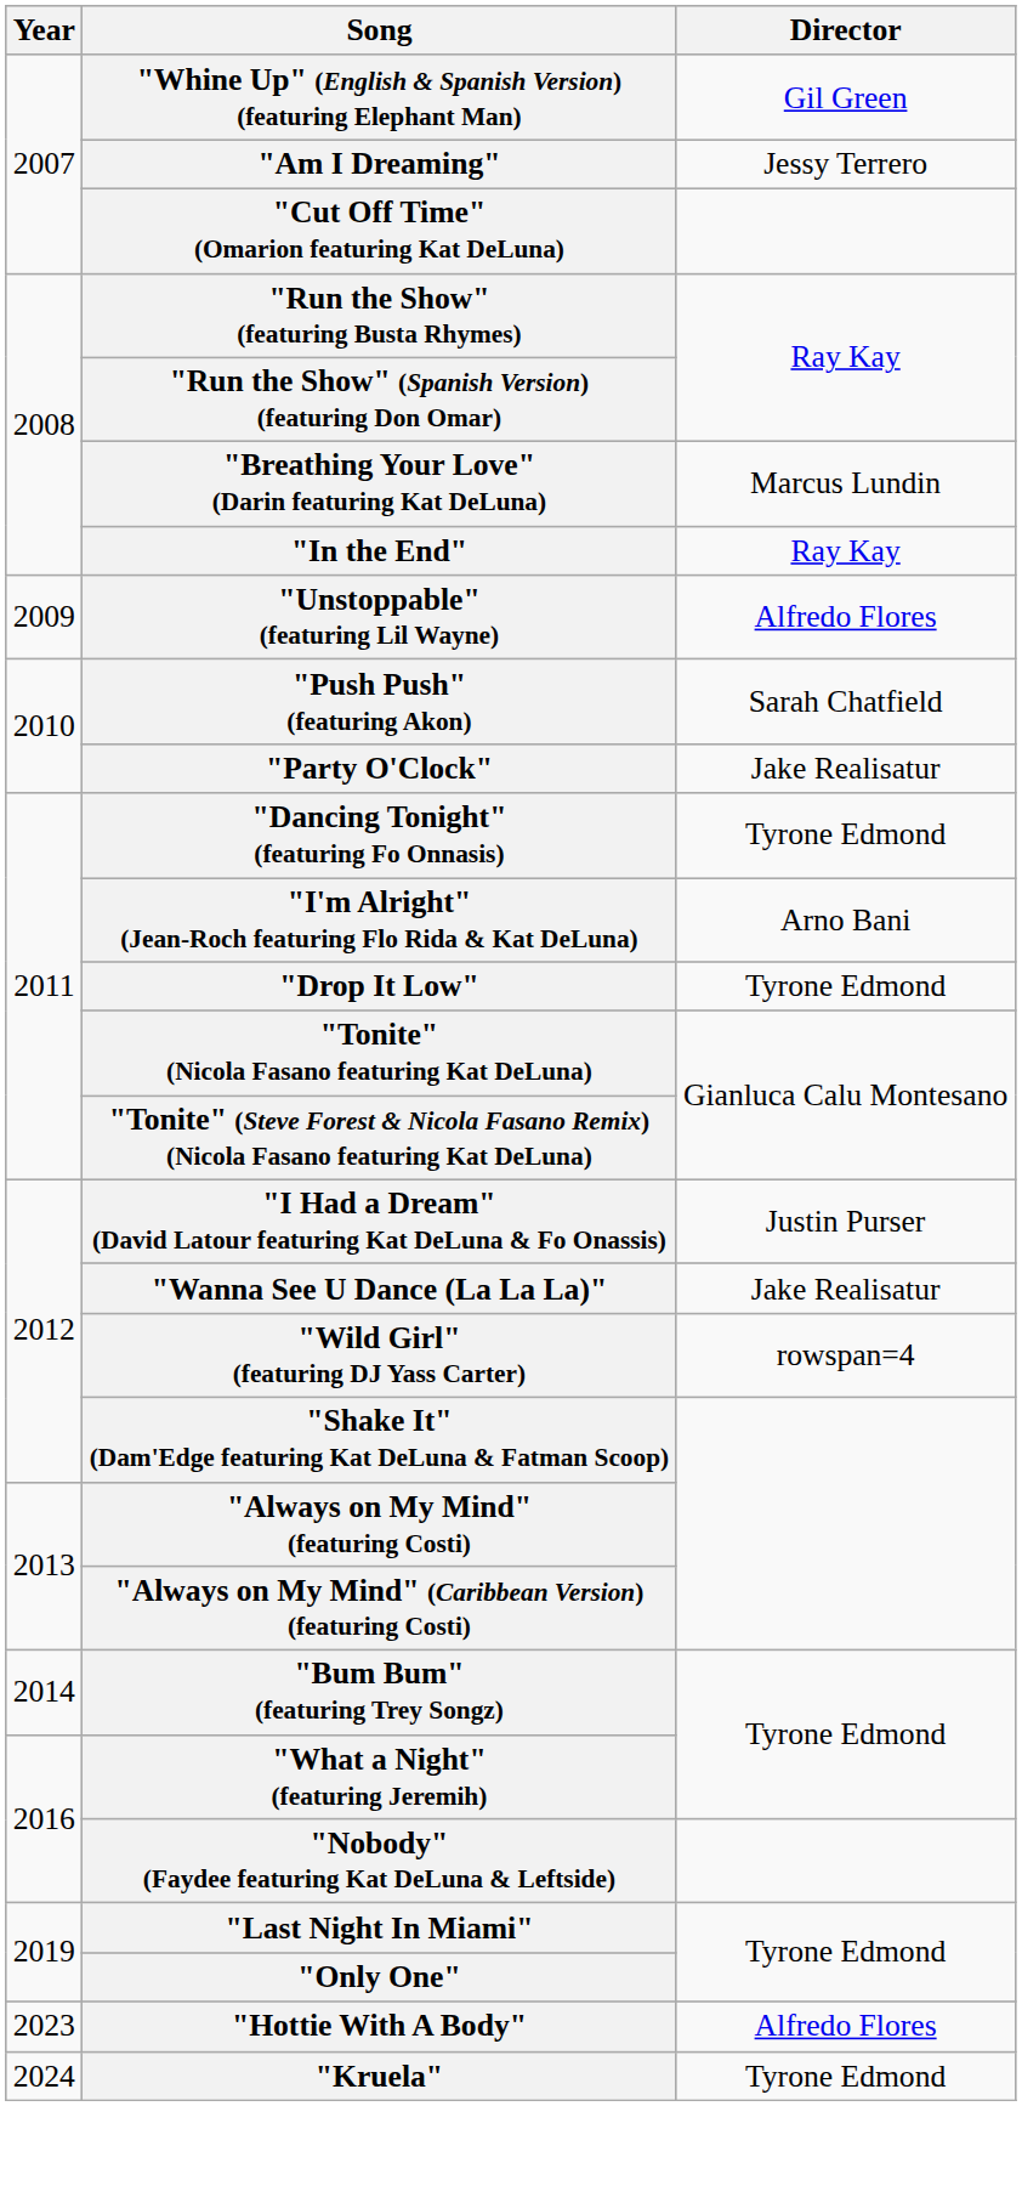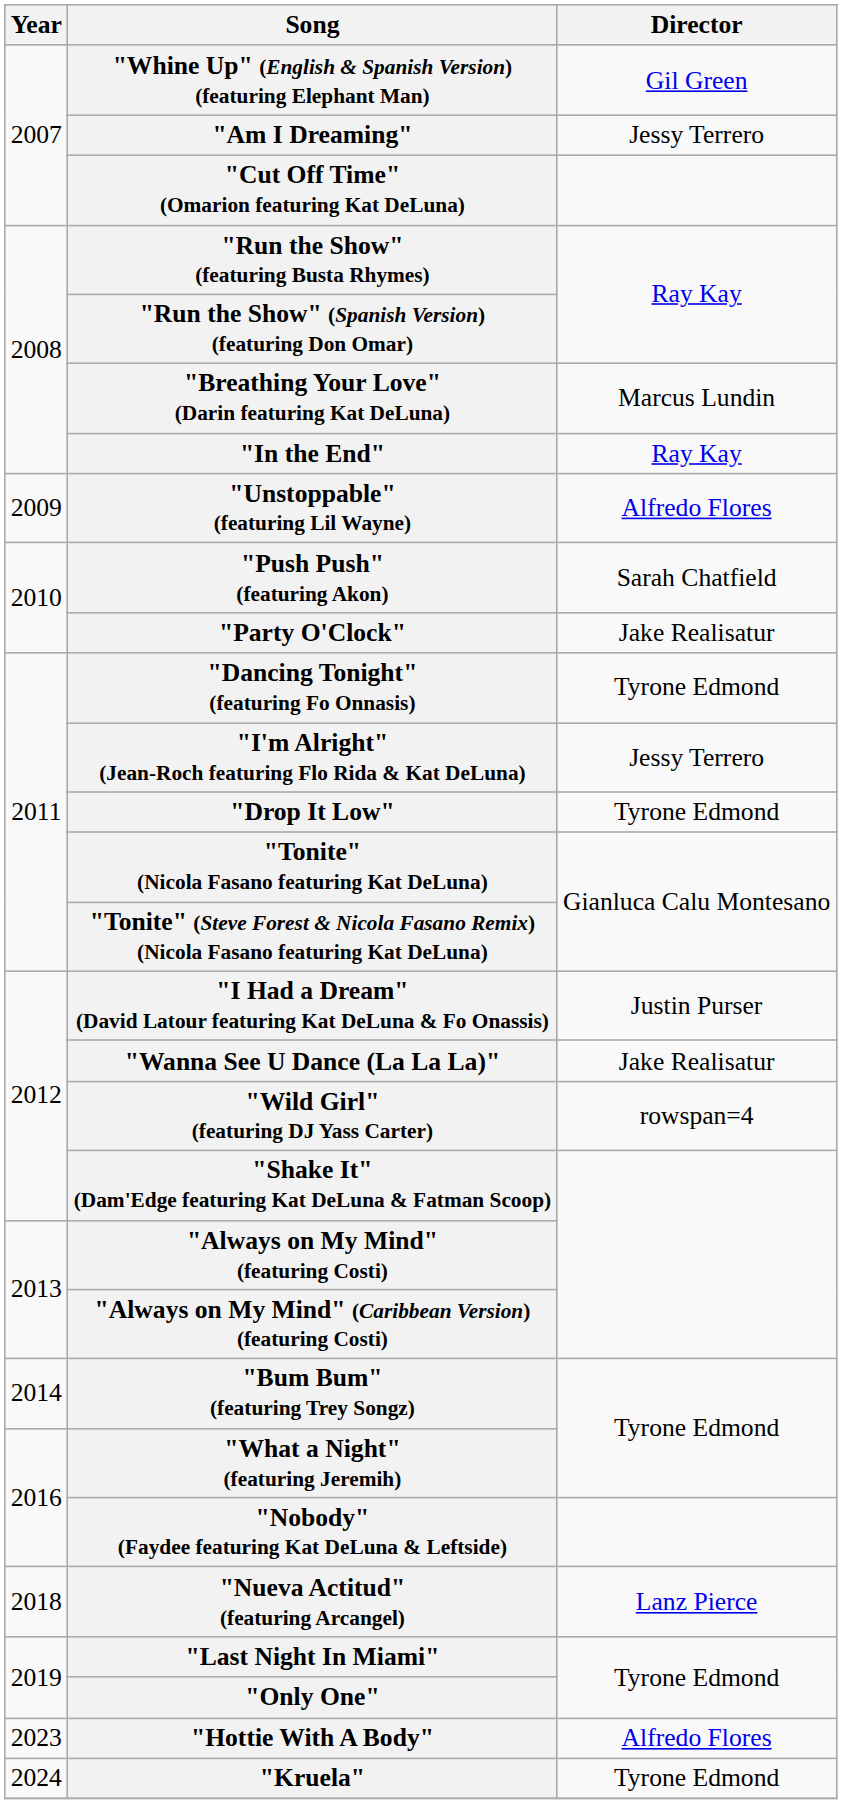 <table class="wikitable plainrowheaders" style="text-align:center;" border="1">
 <tr>
 <th scope="col">Year</th>
 <th scope="col">Song</th>
 <th scope="col">Director</th>
 </tr>
 <tr>
 <td rowspan=3>2007</td>
 <th scope="row">"Whine Up" <small>(<em>English & Spanish Version</em>)<br>(featuring Elephant Man)</small></th>
 <td><a href='#'>Gil Green</a></td>
 </tr>
 <tr>
 <th scope="row">"Am I Dreaming"</th>
 <td>Jessy Terrero</td>
 </tr>
 <tr>
 <th scope="row">"Cut Off Time" <br><small>(Omarion featuring Kat DeLuna)</small></th>
 <td></td>
 </tr>
 <tr>
 <td rowspan=4>2008</td>
 <th scope="row">"Run the Show" <br><small>(featuring Busta Rhymes)</small></th>
 <td rowspan=2><a href='#'>Ray Kay</a></td>
 </tr>
 <tr>
 <th scope="row">"Run the Show" <small>(<em>Spanish Version</em>) <br>(featuring Don Omar)</small></th>
 </tr>
 <tr>
 <th scope="row">"Breathing Your Love" <br><small>(Darin featuring Kat DeLuna)</small></th>
 <td>Marcus Lundin</td>
 </tr>
 <tr>
 <th scope="row">"In the End"</th>
 <td><a href='#'>Ray Kay</a></td>
 </tr>
 <tr>
 <td>2009</td>
 <th scope="row">"Unstoppable" <br><small>(featuring Lil Wayne)</small></th>
 <td rowspan=1><a href='#'>Alfredo Flores</a></td>
 </tr>
 <tr>
 <td rowspan=2>2010</td>
 <th scope="row">"Push Push" <br><small>(featuring Akon)</small></th>
 <td>Sarah Chatfield</td>
 </tr>
 <tr>
 <th scope="row">"Party O'Clock"</th>
 <td>Jake Realisatur</td>
 </tr>
 <tr>
 <td rowspan=5>2011</td>
 <th scope="row">"Dancing Tonight" <br><small>(featuring Fo Onnasis)</small></th>
 <td>Tyrone Edmond</td>
 </tr>
 <tr>
 <th scope="row">"I'm Alright" <br><small>(Jean-Roch featuring Flo Rida & Kat DeLuna)</small></th>
-<td>Arno Bani</td>
+<td>Jessy Terrero</td>
 </tr>
 <tr>
 <th scope="row">"Drop It Low"</th>
 <td>Tyrone Edmond</td>
 </tr>
 <tr>
 <th scope="row">"Tonite" <br><small>(Nicola Fasano featuring Kat DeLuna)</small></th>
 <td rowspan=2>Gianluca Calu Montesano</td>
 </tr>
 <tr>
 <th scope="row">"Tonite" <small>(<em>Steve Forest & Nicola Fasano Remix</em>) <br>(Nicola Fasano featuring Kat DeLuna)</small></th>
 </tr>
 <tr>
 <td rowspan=4>2012</td>
 <th scope="row">"I Had a Dream" <br><small>(David Latour featuring Kat DeLuna & Fo Onassis)</small></th>
 <td>Justin Purser</td>
 </tr>
 <tr>
 <th scope="row">"Wanna See U Dance (La La La)"</th>
 <td>Jake Realisatur</td>
 </tr>
 <tr>
 <th scope="row">"Wild Girl" <br><small>(featuring DJ Yass Carter)</small></th>
 <td>rowspan=4 </td>
 </tr>
 <tr>
 <th scope="row">"Shake It" <br><small>(Dam'Edge featuring Kat DeLuna & Fatman Scoop) </small></th>
 </tr>
 <tr>
 <td rowspan=2>2013</td>
 <th scope="row">"Always on My Mind" <br><small>(featuring Costi)</small></th>
 </tr>
 <tr>
 <th scope="row">"Always on My Mind" <small>(<em>Caribbean Version</em>) <br>(featuring Costi)</small></th>
 </tr>
 <tr>
 <td>2014</td>
 <th scope="row">"Bum Bum" <br><small>(featuring Trey Songz)</small></th>
 <td rowspan=2>Tyrone Edmond</td>
 </tr>
 <tr>
 <td rowspan=2>2016</td>
 <th scope="row">"What a Night" <br><small>(featuring Jeremih)</small></th>
 </tr>
 <tr>
 <th scope="row">"Nobody" <br><small>(Faydee featuring Kat DeLuna & Leftside)</small></th>
 <td></td>
 </tr>
 <tr>
+<td rowspan=1>2018</td>
+<th scope="row">"Nueva Actitud" <br><small>(featuring Arcangel)</small></th>
+<td rowspan=1><a href='#'>Lanz Pierce</a></td>
+</tr>
+<tr>
 <td rowspan=2>2019</td>
 <th scope="row">"Last Night In Miami"</th>
 <td rowspan=2>Tyrone Edmond</td>
 </tr>
 <tr>
 <th scope="row">"Only One"</th>
 </tr>
 <tr>
 <td rowspan=1>2023</td>
 <th scope="row">"Hottie With A Body"</th>
 <td rowspan=1><a href='#'>Alfredo Flores</a></td>
 </tr>
 <tr>
 <td rowspan=1>2024</td>
 <th scope="row">"Kruela"</th>
 <td rowspan=1>Tyrone Edmond</td>
 </tr>
 <tr>
 </tr>
 </table>
